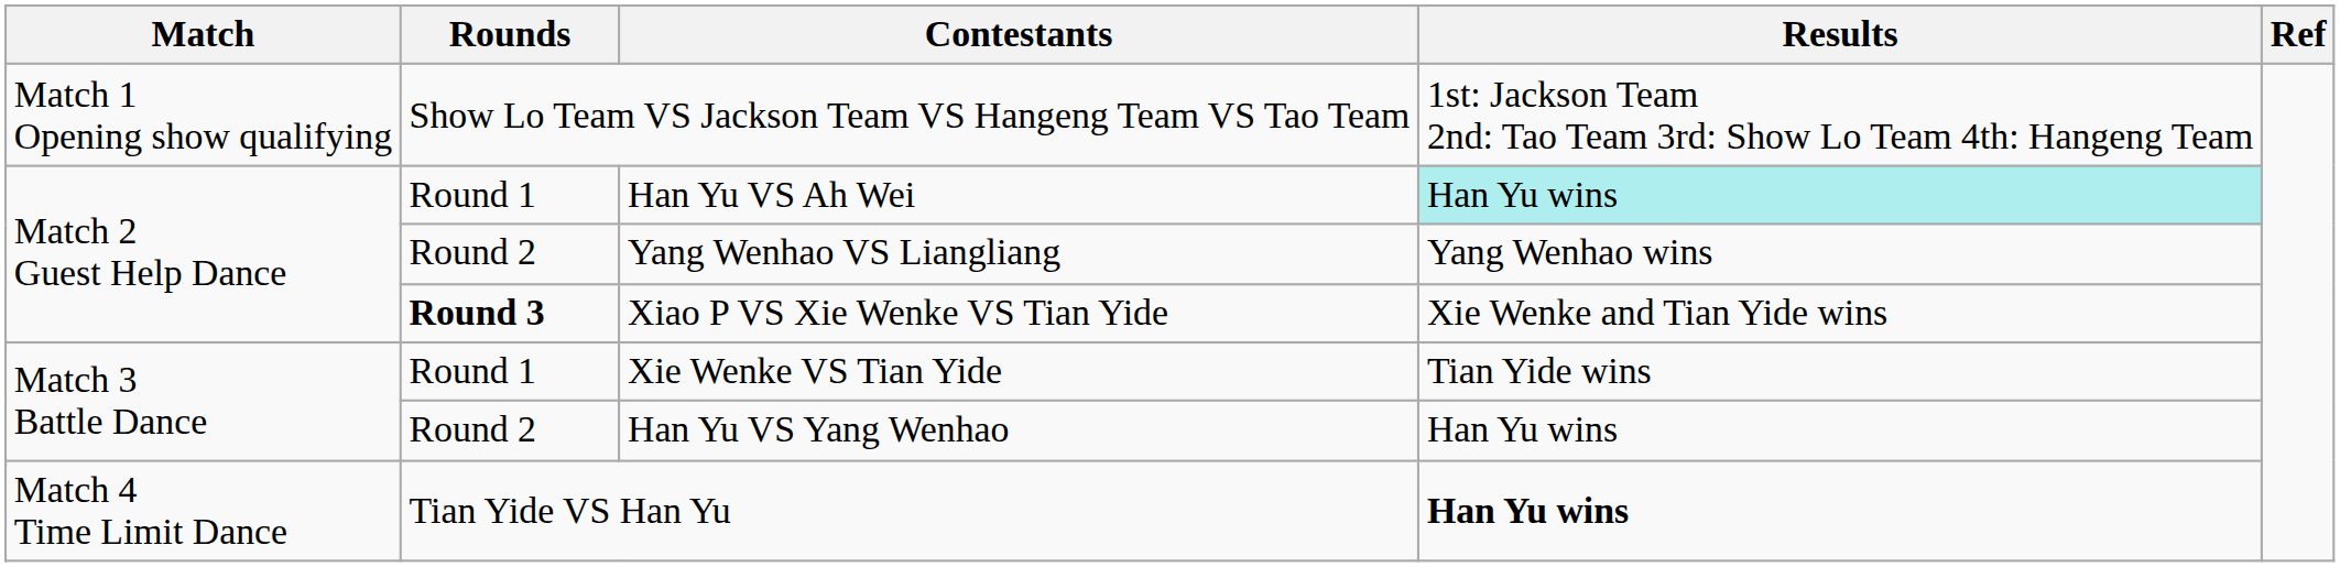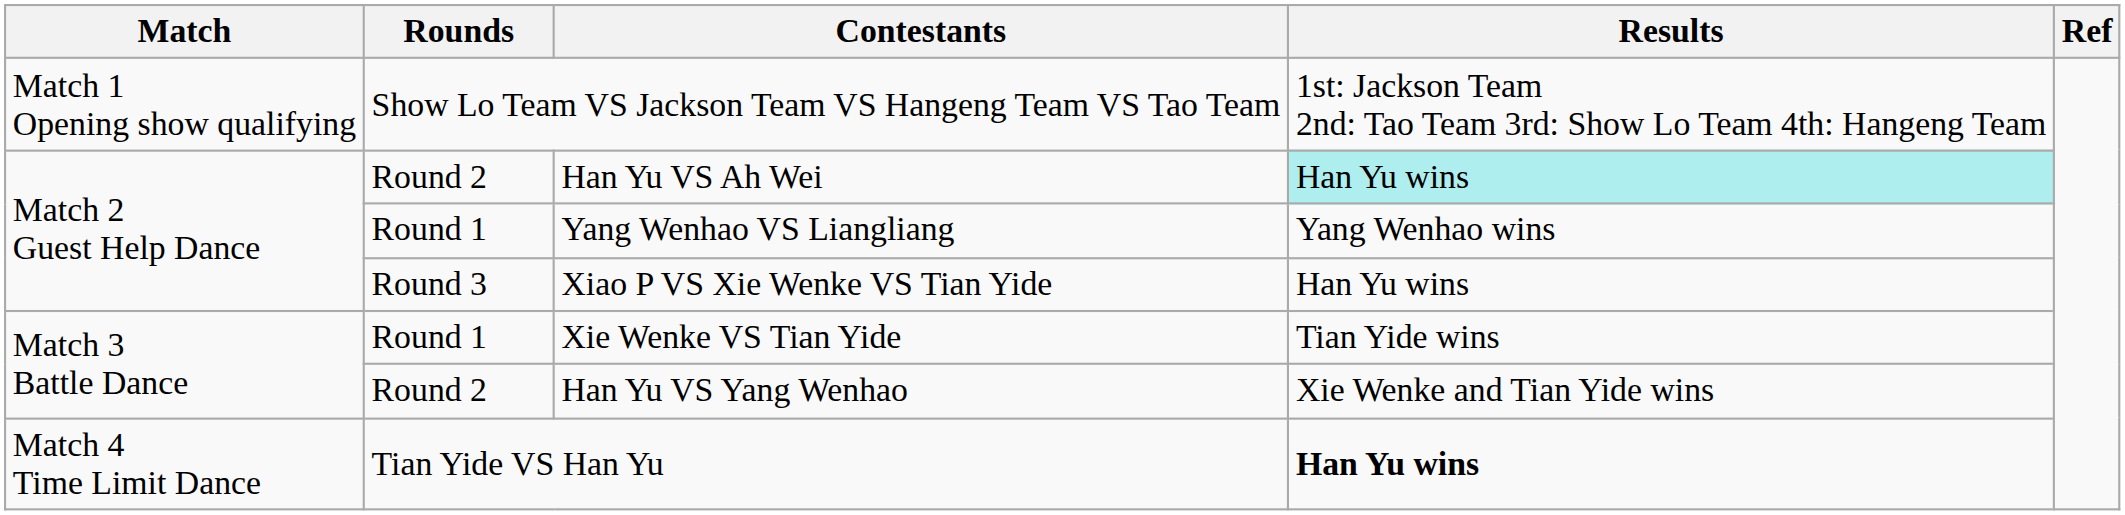 <table class="wikitable">
 <tr>
 <th>Match</th>
 <th>Rounds</th>
 <th>Contestants</th>
 <th>Results</th>
 <th>Ref</th>
 </tr>
 <tr>
 <td>Match 1<br>Opening show qualifying</td>
 <td colspan="2">Show Lo Team VS Jackson Team VS Hangeng Team VS Tao Team</td>
 <td>1st: Jackson Team<br>2nd: Tao Team 3rd: Show Lo Team 4th: Hangeng Team</td>
 <td rowspan="7"></td>
 </tr>
 <tr>
 <td rowspan="3">Match 2<br>Guest Help Dance</td>
-<td>Round 1</td>
+<td>Round 2</td>
 <td>Han Yu VS Ah Wei</td>
 <td style="background: paleturquoise;">Han Yu wins</td>
 </tr>
 <tr>
-<td>Round 2</td>
+<td>Round 1</td>
 <td>Yang Wenhao VS Liangliang</td>
 <td>Yang Wenhao wins</td>
 </tr>
 <tr>
-<td><strong>Round 3</strong></td>
+<td>Round 3</td>
 <td>Xiao P VS Xie Wenke VS Tian Yide</td>
-<td>Xie Wenke and Tian Yide wins</td>
+<td>Han Yu wins</td>
 </tr>
 <tr>
 <td rowspan="2">Match 3<br>Battle Dance</td>
 <td>Round 1</td>
 <td>Xie Wenke VS Tian Yide</td>
 <td>Tian Yide wins</td>
 </tr>
 <tr>
 <td>Round 2</td>
 <td>Han Yu VS Yang Wenhao</td>
-<td>Han Yu wins</td>
+<td>Xie Wenke and Tian Yide wins</td>
 </tr>
 <tr>
 <td>Match 4<br>Time Limit Dance</td>
 <td colspan="2">Tian Yide VS Han Yu</td>
 <td><strong>Han Yu wins</strong></td>
 </tr>
 </table>
